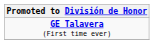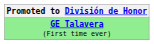 <table class="wikitable" style="text-align: center; margin: 0 auto;">
 <tr>
 <th colspan="2">Promoted to <a href='#'>División de Honor</a></th>
 </tr>
 <tr>
-<td><strong><a href='#'>GE Talavera</a></strong><br><small>(First time ever)</small></td>
+<td style="background: lightgreen;"><strong><a href='#'>GE Talavera</a></strong><br><small>(First time ever)</small></td>
 </tr>
 <tr>
 </tr>
 </table>
